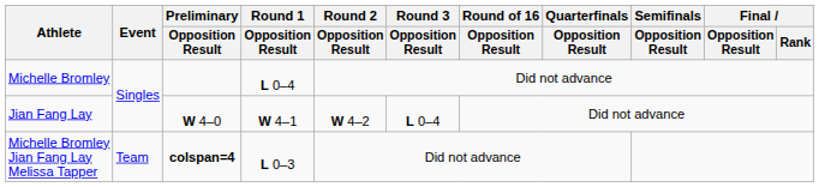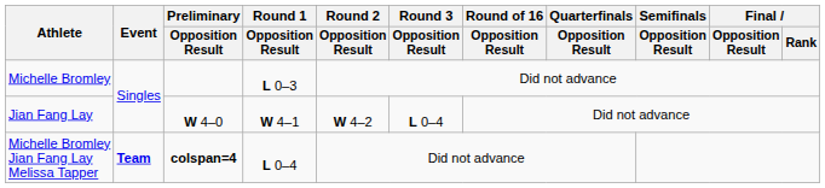 <table class=wikitable style=font-size:90%;text-align:center>
 <tr>
 <th rowspan=2>Athlete</th>
 <th rowspan=2>Event</th>
 <th>Preliminary</th>
 <th>Round 1</th>
 <th>Round 2</th>
 <th>Round 3</th>
 <th>Round of 16</th>
 <th>Quarterfinals</th>
 <th>Semifinals</th>
 <th colspan=2>Final / </th>
 </tr>
 <tr style=font-size:95%>
 <th>Opposition<br>Result</th>
 <th>Opposition<br>Result</th>
 <th>Opposition<br>Result</th>
 <th>Opposition<br>Result</th>
 <th>Opposition<br>Result</th>
 <th>Opposition<br>Result</th>
 <th>Opposition<br>Result</th>
 <th>Opposition<br>Result</th>
 <th>Rank</th>
 </tr>
 <tr>
 <td align=left><a href='#'>Michelle Bromley</a></td>
 <td align=left rowspan=2><a href='#'>Singles</a></td>
 <td></td>
-<td><br><strong>L</strong> 0–4</td>
+<td><br> <strong>L</strong> 0–3</td>
 <td colspan=7>Did not advance</td>
 </tr>
 <tr align=center>
 <td align=left><a href='#'>Jian Fang Lay</a></td>
 <td><br> <strong>W</strong> 4–0</td>
 <td><br> <strong>W</strong> 4–1</td>
 <td><br> <strong>W</strong> 4–2</td>
 <td><br><strong>L</strong> 0–4</td>
 <td colspan=7>Did not advance</td>
 </tr>
 <tr>
 <td align=left><a href='#'>Michelle Bromley</a><br><a href='#'>Jian Fang Lay</a><br><a href='#'>Melissa Tapper</a></td>
-<td align=left><a href='#'>Team</a></td>
+<td align=left><strong><a href='#'>Team</a></strong></td>
 <td><strong>colspan=4 </strong></td>
-<td><br> <strong>L</strong> 0–3</td>
+<td><br><strong>L</strong> 0–4</td>
 <td colspan=4>Did not advance</td>
 </tr>
 </table>
